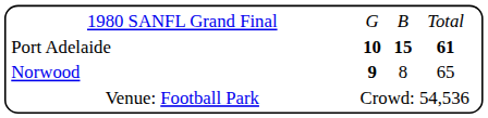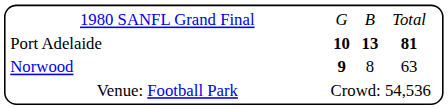 <table style="margin-right:4px; margin-top:8px; float:left; border:1px #000 solid; border-radius:8px; background:#fff; font-family:Verdana; font-size:8pt; text-align:center;">
 <tr>
 <td width=200><a href='#'>1980 SANFL Grand Final</a></td>
 <td><em>G</em></td>
 <td><em>B</em></td>
 <td><em>Total</em></td>
 </tr>
 <tr>
 <td style="text-align:left">Port Adelaide</td>
 <td><strong>10</strong></td>
-<td><strong>15</strong></td>
-<td><strong>61</strong></td>
+<td><strong>13</strong></td>
+<td><strong>81</strong></td>
 </tr>
 <tr>
 <td style="text-align:left"><a href='#'>Norwood</a></td>
 <td><strong>9</strong></td>
 <td>8</td>
-<td>65</td>
+<td>63</td>
 </tr>
 <tr>
 <td>Venue: <a href='#'>Football Park</a></td>
 <td colspan=3>Crowd: 54,536</td>
 <td colspan=3></td>
 </tr>
 </table>
